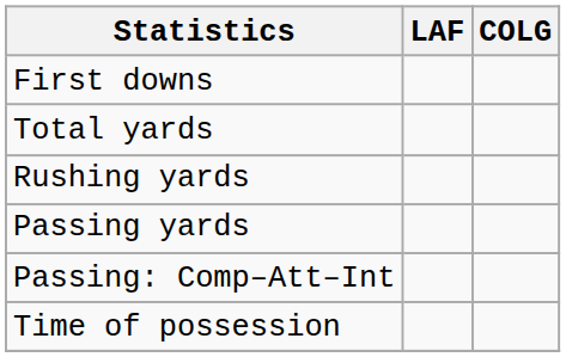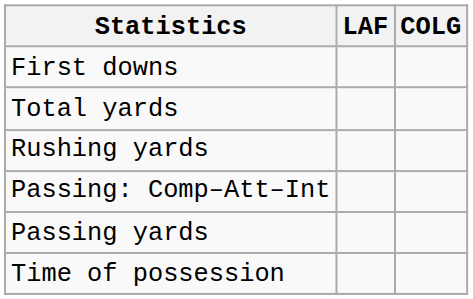 <table class="wikitable" style="float: left;">
 <tr>
 <th>Statistics</th>
 <th>LAF</th>
 <th>COLG</th>
 </tr>
 <tr>
 <td>First downs</td>
 <td></td>
 <td></td>
 </tr>
 <tr>
 <td>Total yards</td>
 <td></td>
 <td></td>
 </tr>
 <tr>
 <td>Rushing yards</td>
 <td></td>
 <td></td>
 </tr>
 <tr>
-<td>Passing yards</td>
+<td>Passing: Comp–Att–Int</td>
 <td></td>
 <td></td>
 </tr>
 <tr>
-<td>Passing: Comp–Att–Int</td>
+<td>Passing yards</td>
 <td></td>
 <td></td>
 </tr>
 <tr>
 <td>Time of possession</td>
 <td></td>
 <td></td>
 </tr>
 <tr>
 </tr>
 </table>
